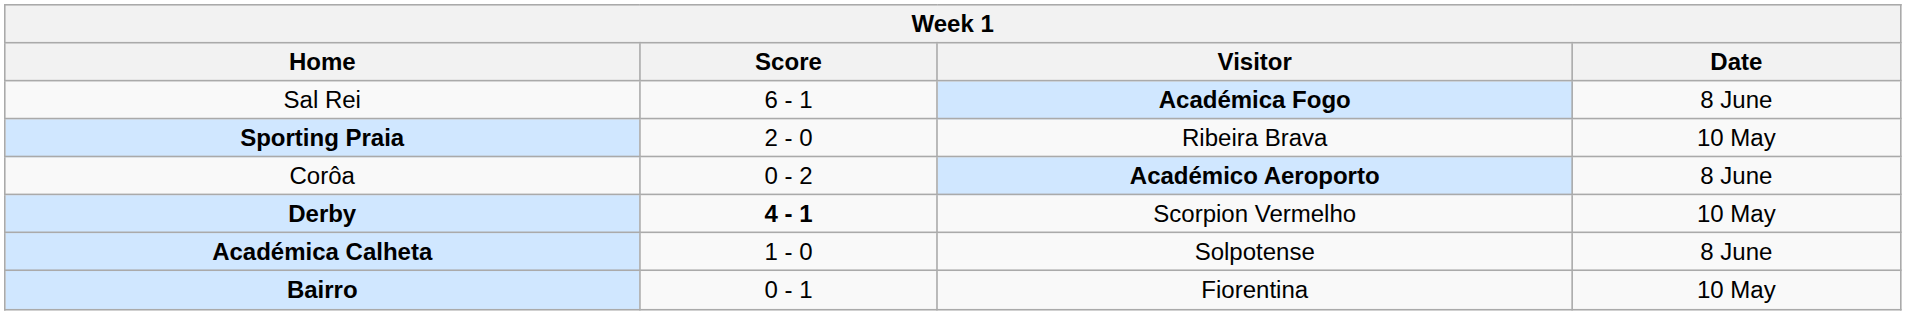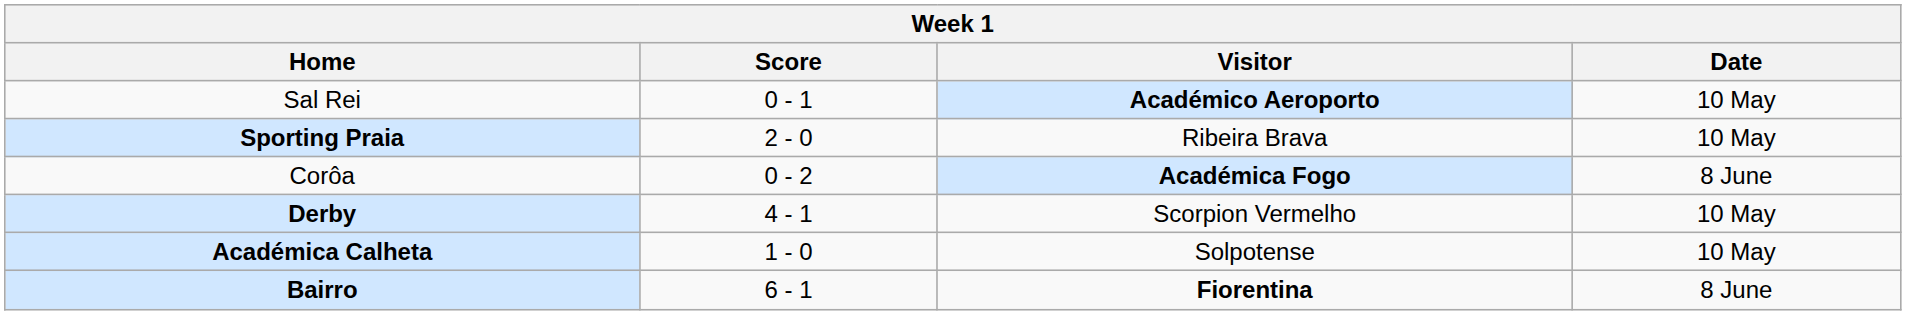 <table class="wikitable" style="font-size:95%; text-align: center; width: 95%;">
 <tr>
 <th colspan="12" style="with: 100%;" align=center>Week 1</th>
 </tr>
 <tr>
 <th width="200">Home</th>
 <th width="90">Score</th>
 <th width="200">Visitor</th>
 <th width="100">Date</th>
 </tr>
 <tr align=center>
 <td>Sal Rei</td>
-<td>6 - 1</td>
-<td bgcolor=#D0E7FF><strong>Académica Fogo</strong></td>
-<td>8 June</td>
+<td>0 - 1</td>
+<td bgcolor=#D0E7FF><strong>Académico Aeroporto</strong></td>
+<td>10 May</td>
 </tr>
 <tr align=center>
 <td bgcolor=#D0E7FF><strong>Sporting Praia</strong></td>
 <td>2 - 0</td>
 <td>Ribeira Brava</td>
 <td>10 May</td>
 </tr>
 <tr align=center>
 <td>Corôa</td>
 <td>0 - 2</td>
-<td bgcolor=#D0E7FF><strong>Académico Aeroporto</strong></td>
+<td bgcolor=#D0E7FF><strong>Académica Fogo</strong></td>
 <td>8 June</td>
 </tr>
 <tr align=center>
 <td bgcolor=#D0E7FF><strong>Derby</strong></td>
-<td><strong>4 - 1</strong></td>
+<td>4 - 1</td>
 <td>Scorpion Vermelho</td>
 <td>10 May</td>
 </tr>
 <tr align=center>
 <td bgcolor=#D0E7FF><strong>Académica Calheta</strong></td>
 <td>1 - 0</td>
 <td>Solpotense</td>
-<td>8 June</td>
+<td>10 May</td>
 </tr>
 <tr align=center>
 <td bgcolor=#D0E7FF><strong>Bairro</strong></td>
-<td>0 - 1</td>
-<td>Fiorentina</td>
-<td>10 May</td>
+<td>6 - 1</td>
+<td><strong>Fiorentina</strong></td>
+<td>8 June</td>
 </tr>
 </table>
